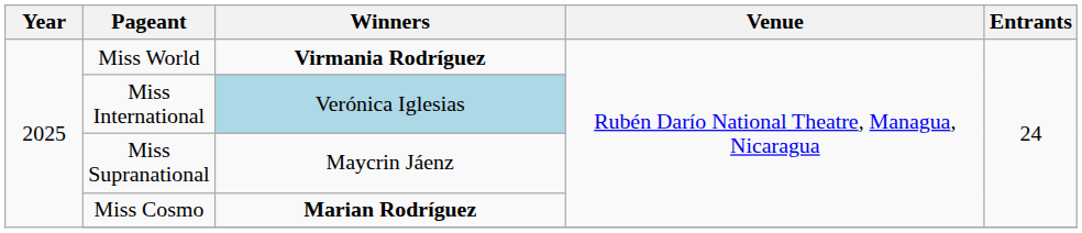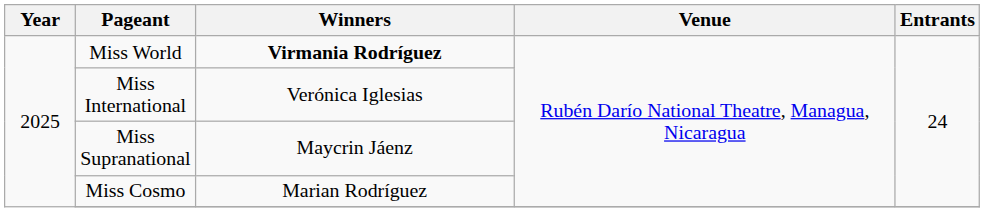 <table class="wikitable" style="text-align:center">
 <tr>
 <th width="50">Year</th>
 <th width="50">Pageant</th>
 <th width="250">Winners</th>
 <th width="300">Venue</th>
 <th width="50">Entrants</th>
 </tr>
 <tr>
 <td rowspan="5">2025</td>
 <td>Miss World</td>
 <td><strong>Virmania Rodríguez</strong></td>
 <td rowspan="4"><a href='#'>Rubén Darío National Theatre</a>, <a href='#'>Managua</a>, <a href='#'>Nicaragua</a></td>
 <td rowspan="4">24</td>
 </tr>
 <tr>
 <td>Miss International</td>
-<td style="background: lightblue;">Verónica Iglesias</td>
+<td>Verónica Iglesias</td>
 </tr>
 <tr>
 <td>Miss Supranational</td>
 <td>Maycrin Jáenz</td>
 </tr>
 <tr>
 <td>Miss Cosmo</td>
-<td><strong>Marian Rodríguez</strong></td>
+<td>Marian Rodríguez</td>
 </tr>
 <tr>
 </tr>
 </table>
